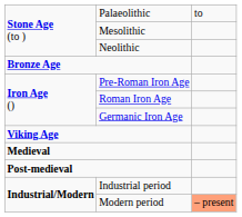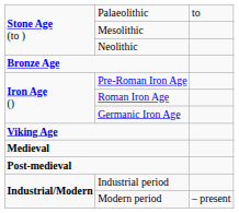 <table class="wikitable">
 <tr>
 <td rowspan=3><strong><a href='#'>Stone Age</a></strong> <br> (to )</td>
 <td>Palaeolithic</td>
 <td>to </td>
 </tr>
 <tr>
 <td>Mesolithic</td>
 <td></td>
 </tr>
 <tr>
 <td>Neolithic</td>
 <td></td>
 </tr>
 <tr>
 <td colspan=2><strong><a href='#'>Bronze Age</a></strong></td>
 <td></td>
 </tr>
 <tr>
 <td rowspan=3><strong><a href='#'>Iron Age</a></strong> <br> ()</td>
 <td><a href='#'>Pre-Roman Iron Age</a></td>
 <td></td>
 </tr>
 <tr>
 <td><a href='#'>Roman Iron Age</a></td>
 <td></td>
 </tr>
 <tr>
 <td><a href='#'>Germanic Iron Age</a></td>
 <td></td>
 </tr>
 <tr>
 <td colspan=2><strong><a href='#'>Viking Age</a></strong></td>
 <td></td>
 </tr>
 <tr>
 <td colspan=2><strong>Medieval</strong></td>
 <td></td>
 </tr>
 <tr>
 <td colspan=2><strong>Post-medieval</strong></td>
 <td></td>
 </tr>
 <tr>
 <td rowspan=2><strong>Industrial/Modern</strong></td>
 <td>Industrial period</td>
 <td></td>
 </tr>
 <tr>
 <td>Modern period</td>
-<td style="background: lightsalmon;"> – present</td>
+<td> – present</td>
 </tr>
 </table>
